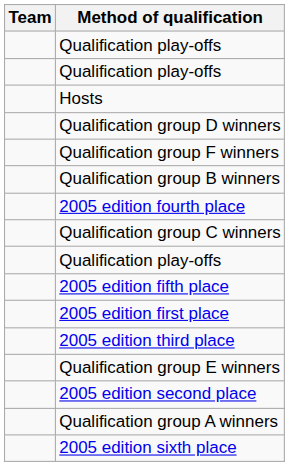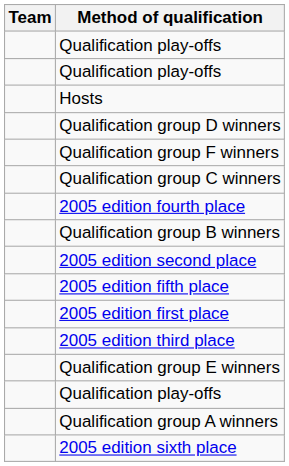 <table class="wikitable">
 <tr>
 <th>Team</th>
 <th>Method of qualification</th>
 </tr>
 <tr>
 <td></td>
 <td>Qualification play-offs</td>
 </tr>
 <tr>
 <td></td>
 <td>Qualification play-offs</td>
 </tr>
 <tr>
 <td></td>
 <td>Hosts</td>
 </tr>
 <tr>
 <td></td>
 <td>Qualification group D winners</td>
 </tr>
 <tr>
 <td></td>
 <td>Qualification group F winners</td>
 </tr>
 <tr>
 <td></td>
-<td>Qualification group B winners</td>
+<td>Qualification group C winners</td>
 </tr>
 <tr>
 <td></td>
 <td><a href='#'>2005 edition fourth place</a></td>
 </tr>
 <tr>
 <td></td>
-<td>Qualification group C winners</td>
+<td>Qualification group B winners</td>
 </tr>
 <tr>
 <td></td>
-<td>Qualification play-offs</td>
+<td><a href='#'>2005 edition second place</a></td>
 </tr>
 <tr>
 <td></td>
 <td><a href='#'>2005 edition fifth place</a></td>
 </tr>
 <tr>
 <td></td>
 <td><a href='#'>2005 edition first place</a></td>
 </tr>
 <tr>
 <td></td>
 <td><a href='#'>2005 edition third place</a></td>
 </tr>
 <tr>
 <td></td>
 <td>Qualification group E winners</td>
 </tr>
 <tr>
 <td></td>
-<td><a href='#'>2005 edition second place</a></td>
+<td>Qualification play-offs</td>
 </tr>
 <tr>
 <td></td>
 <td>Qualification group A winners</td>
 </tr>
 <tr>
 <td></td>
 <td><a href='#'>2005 edition sixth place</a></td>
 </tr>
 </table>
